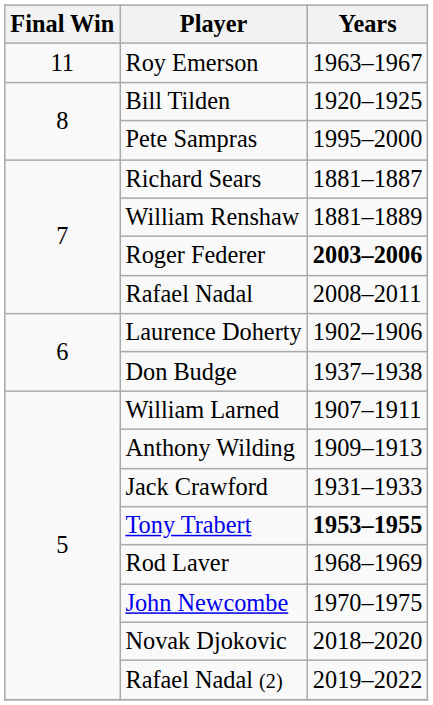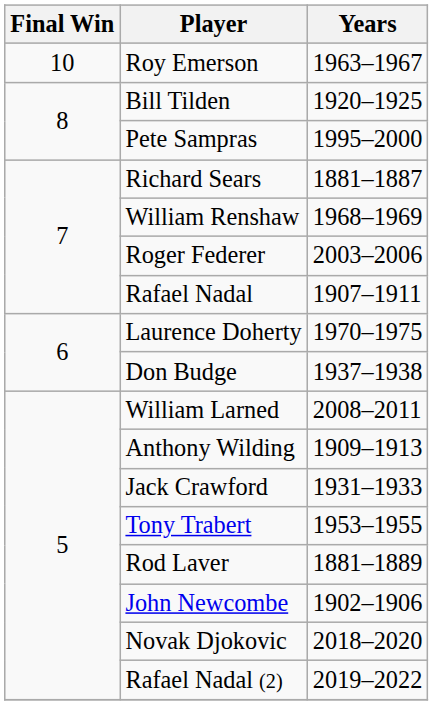 <table class=wikitable style="display:inline-table;">
 <tr>
 <th>Final Win</th>
 <th>Player</th>
 <th>Years</th>
 </tr>
 <tr>
-<td style="text-align:center;">11</td>
+<td style="text-align:center;">10</td>
 <td> Roy Emerson</td>
 <td>1963–1967</td>
 </tr>
 <tr>
 <td rowspan="2" style="text-align:center;">8</td>
 <td> Bill Tilden</td>
 <td>1920–1925</td>
 </tr>
 <tr>
 <td> Pete Sampras</td>
 <td>1995–2000</td>
 </tr>
 <tr>
 <td rowspan="4" style="text-align:center;">7</td>
 <td> Richard Sears</td>
 <td>1881–1887</td>
 </tr>
 <tr>
 <td> William Renshaw</td>
-<td>1881–1889</td>
+<td>1968–1969</td>
 </tr>
 <tr>
 <td> Roger Federer</td>
-<td><strong>2003–2006</strong></td>
+<td>2003–2006</td>
 </tr>
 <tr>
 <td> Rafael Nadal</td>
-<td>2008–2011</td>
+<td>1907–1911</td>
 </tr>
 <tr>
 <td rowspan="2" style="text-align:center;">6</td>
 <td> Laurence Doherty</td>
-<td>1902–1906</td>
+<td>1970–1975</td>
 </tr>
 <tr>
 <td> Don Budge</td>
 <td>1937–1938</td>
 </tr>
 <tr>
 <td rowspan="8" style="text-align:center;">5</td>
 <td> William Larned</td>
-<td>1907–1911</td>
+<td>2008–2011</td>
 </tr>
 <tr>
 <td> Anthony Wilding</td>
 <td>1909–1913</td>
 </tr>
 <tr>
 <td> Jack Crawford</td>
 <td>1931–1933</td>
 </tr>
 <tr>
 <td> <a href='#'>Tony Trabert</a></td>
-<td><strong>1953–1955</strong></td>
+<td>1953–1955</td>
 </tr>
 <tr>
 <td> Rod Laver</td>
-<td>1968–1969</td>
+<td>1881–1889</td>
 </tr>
 <tr>
 <td> <a href='#'>John Newcombe</a></td>
-<td>1970–1975</td>
+<td>1902–1906</td>
 </tr>
 <tr>
 <td> Novak Djokovic</td>
 <td>2018–2020</td>
 </tr>
 <tr>
 <td> Rafael Nadal <small>(2)</small></td>
 <td>2019–2022</td>
 </tr>
 <tr>
 </tr>
 </table>
